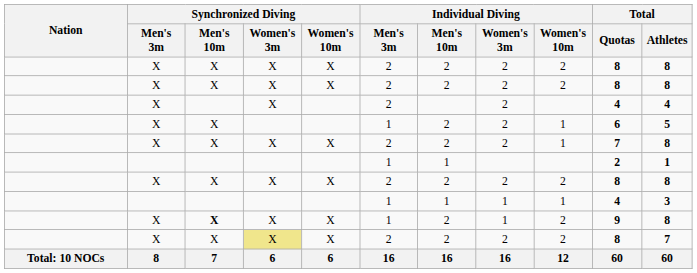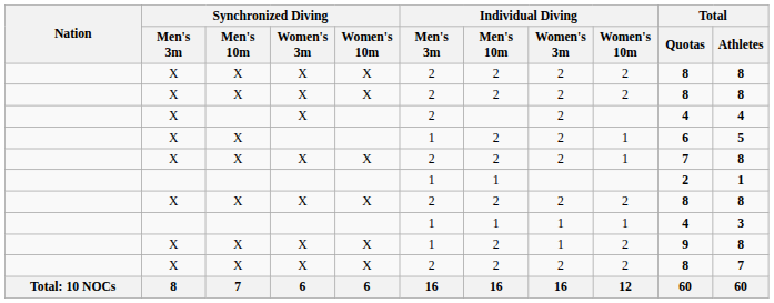 <table class="wikitable" width=850 style="text-align:center; font-size:90%">
 <tr>
 <th rowspan="2" align="left">Nation</th>
 <th colspan="4">Synchronized Diving</th>
 <th colspan="4">Individual Diving</th>
 <th colspan=2>Total</th>
 </tr>
 <tr>
 <th width=65>Men's<br> 3m</th>
 <th width=65>Men's<br> 10m</th>
 <th width=65>Women's<br> 3m</th>
 <th width=65>Women's<br> 10m</th>
 <th width=65>Men's<br> 3m</th>
 <th width=65>Men's<br> 10m</th>
 <th width=65>Women's<br> 3m</th>
 <th width=65>Women's<br> 10m</th>
 <th width=55>Quotas</th>
 <th width=55>Athletes</th>
 </tr>
 <tr>
 <td align=left></td>
 <td>X</td>
 <td>X</td>
 <td>X</td>
 <td>X</td>
 <td>2</td>
 <td>2</td>
 <td>2</td>
 <td>2</td>
 <td><strong>8</strong></td>
 <td><strong>8</strong></td>
 </tr>
 <tr>
 <td align=left></td>
 <td>X</td>
 <td>X</td>
 <td>X</td>
 <td>X</td>
 <td>2</td>
 <td>2</td>
 <td>2</td>
 <td>2</td>
 <td><strong>8</strong></td>
 <td><strong>8</strong></td>
 </tr>
 <tr>
 <td align=left></td>
 <td>X</td>
 <td></td>
 <td>X</td>
 <td></td>
 <td>2</td>
 <td></td>
 <td>2</td>
 <td></td>
 <td><strong>4</strong></td>
 <td><strong>4</strong></td>
 </tr>
 <tr>
 <td align=left></td>
 <td>X</td>
 <td>X</td>
 <td></td>
 <td></td>
 <td>1</td>
 <td>2</td>
 <td>2</td>
 <td>1</td>
 <td><strong>6</strong></td>
 <td><strong>5</strong></td>
 </tr>
 <tr>
 <td align=left></td>
 <td>X</td>
 <td>X</td>
 <td>X</td>
 <td>X</td>
 <td>2</td>
 <td>2</td>
 <td>2</td>
 <td>1</td>
 <td><strong>7</strong></td>
 <td><strong>8</strong></td>
 </tr>
 <tr>
 <td align=left></td>
 <td></td>
 <td></td>
 <td></td>
 <td></td>
 <td>1</td>
 <td>1</td>
 <td></td>
 <td></td>
 <td><strong>2</strong></td>
 <td><strong>1</strong></td>
 </tr>
 <tr>
 <td align=left></td>
 <td>X</td>
 <td>X</td>
 <td>X</td>
 <td>X</td>
 <td>2</td>
 <td>2</td>
 <td>2</td>
 <td>2</td>
 <td><strong>8</strong></td>
 <td><strong>8</strong></td>
 </tr>
 <tr>
 <td align=left></td>
 <td></td>
 <td></td>
 <td></td>
 <td></td>
 <td>1</td>
 <td>1</td>
 <td>1</td>
 <td>1</td>
 <td><strong>4</strong></td>
 <td><strong>3</strong></td>
 </tr>
 <tr>
 <td align=left></td>
 <td>X</td>
-<td><strong>X</strong></td>
+<td>X</td>
 <td>X</td>
 <td>X</td>
 <td>1</td>
 <td>2</td>
 <td>1</td>
 <td>2</td>
 <td><strong>9</strong></td>
 <td><strong>8</strong></td>
 </tr>
 <tr>
 <td align=left></td>
 <td>X</td>
 <td>X</td>
-<td style="background: khaki;">X</td>
+<td>X</td>
 <td>X</td>
 <td>2</td>
 <td>2</td>
 <td>2</td>
 <td>2</td>
 <td><strong>8</strong></td>
 <td><strong>7</strong></td>
 </tr>
 <tr>
 <th>Total: 10 NOCs</th>
 <th>8</th>
 <th>7</th>
 <th>6</th>
 <th>6</th>
 <th>16</th>
 <th>16</th>
 <th>16</th>
 <th>12</th>
 <th>60</th>
 <th>60</th>
 </tr>
 </table>
